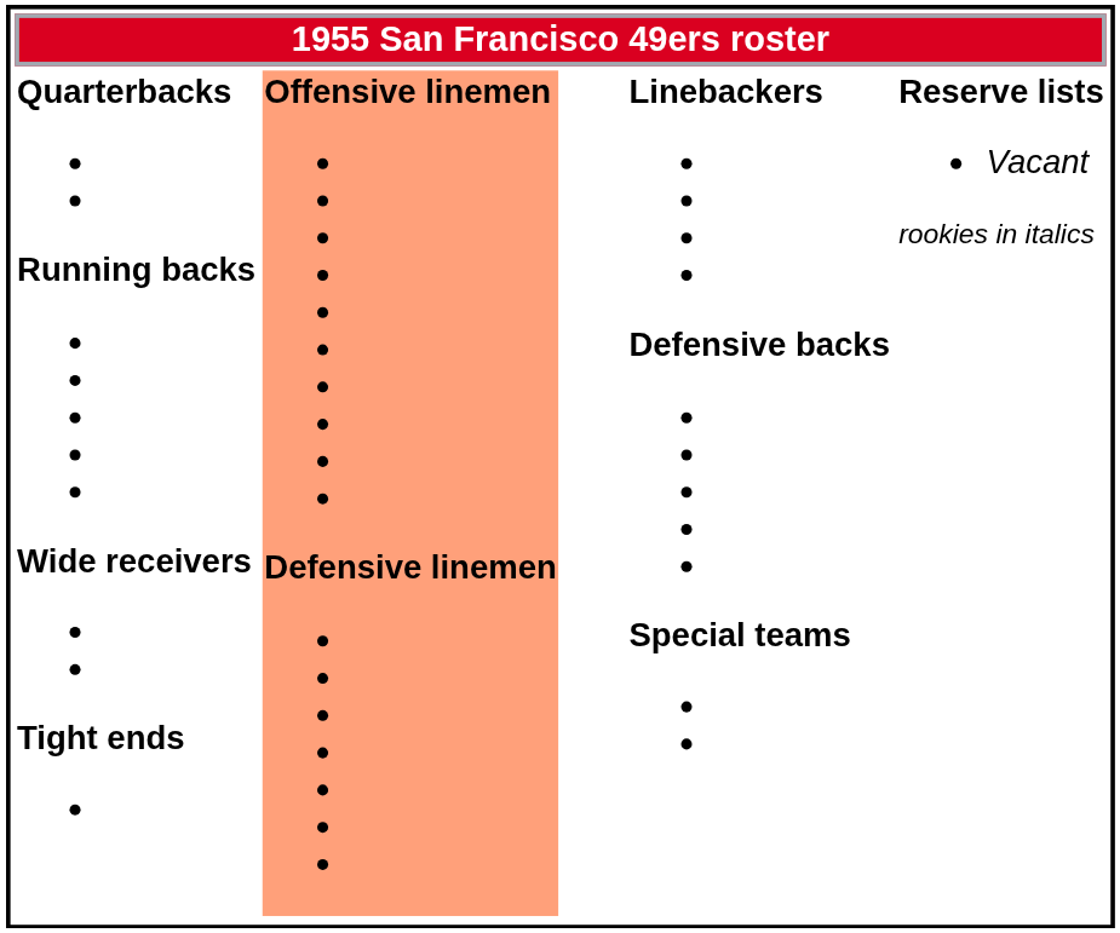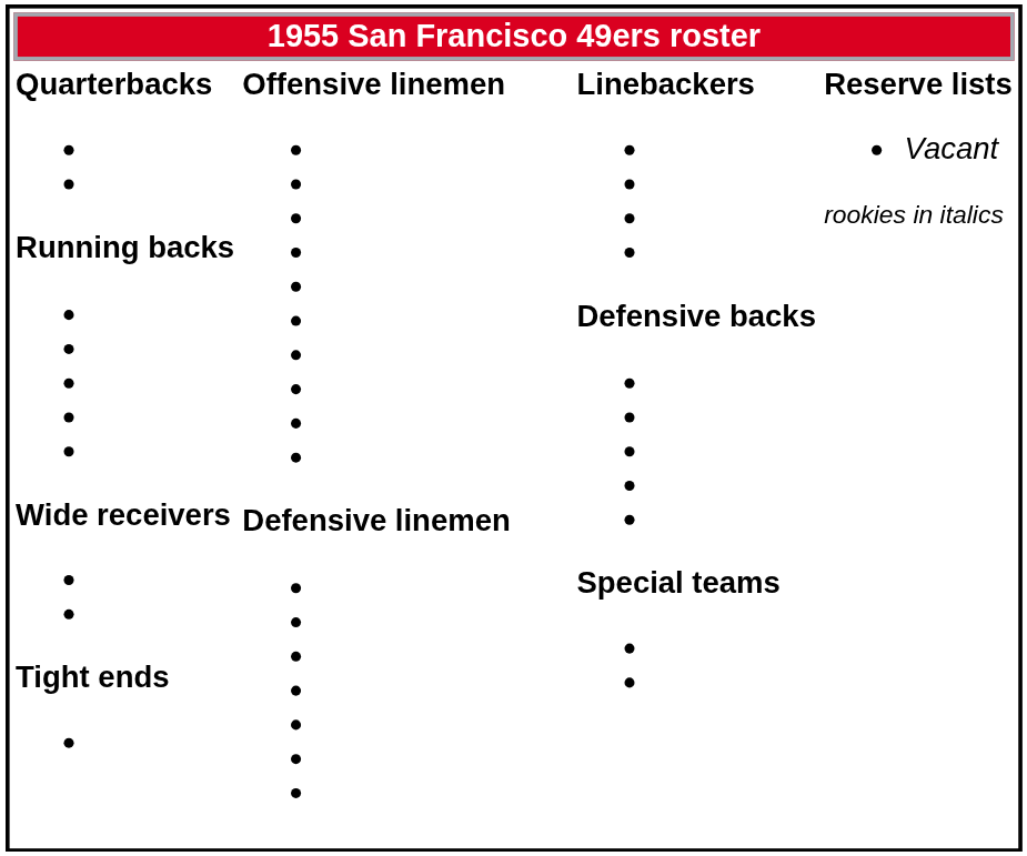 <table class="toccolours" style="text-align: left; border:2px solid black;">
 <tr>
 <th colspan="7" style="text-align:center; border: 2px solid #A2A9B1; background-color: #DA0020; color: white;">1955 San Francisco 49ers roster</th>
 </tr>
 <tr>
 <td style="font-size: 95%;" valign="top"><strong>Quarterbacks</strong><br><ul><li></li><li></li></ul><strong>Running backs</strong><ul><li></li><li></li><li></li><li></li><li></li></ul><strong>Wide receivers</strong><ul><li></li><li></li></ul><strong>Tight ends</strong><ul><li></li></ul></td>
-<td style="background: lightsalmon; font-size: 95%;" valign="top"><strong>Offensive linemen</strong><br><ul><li></li><li></li><li></li><li></li><li></li><li></li><li></li><li></li><li></li><li></li></ul><strong>Defensive linemen</strong><ul><li></li><li></li><li></li><li></li><li></li><li></li><li></li></ul></td>
+<td style="font-size: 95%;" valign="top"><strong>Offensive linemen</strong><br><ul><li></li><li></li><li></li><li></li><li></li><li></li><li></li><li></li><li></li><li></li></ul><strong>Defensive linemen</strong><ul><li></li><li></li><li></li><li></li><li></li><li></li><li></li></ul></td>
 <td style="width: 25px;"></td>
 <td style="font-size: 95%;" valign="top"><strong>Linebackers</strong><br><ul><li></li><li></li><li></li><li></li></ul><strong>Defensive backs</strong><ul><li></li><li></li><li></li><li></li><li></li></ul><strong>Special teams</strong><ul><li></li><li></li></ul></td>
 <td style="font-size: 95%;" valign="top"><strong>Reserve lists</strong><br><ul><li><em>Vacant</em></li></ul><small><em>rookies in italics</em></small></td>
 </tr>
 <tr>
 </tr>
 </table>
